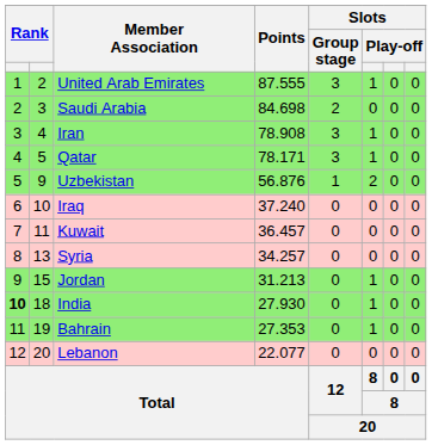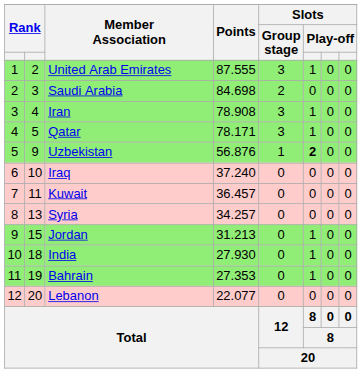 <table class="wikitable" style="text-align:center">
 <tr>
 </tr>
 <tr>
 <th colspan=2 rowspan=2><a href='#'>Rank</a></th>
 <th rowspan=3 width=200>Member<br>Association</th>
 <th rowspan=3>Points</th>
 <th colspan=4>Slots</th>
 </tr>
 <tr>
 <th rowspan=2>Group<br>stage</th>
 <th colspan=3>Play-off</th>
 </tr>
 <tr>
 <th></th>
 <th></th>
 <th></th>
 <th></th>
 <th></th>
 </tr>
 <tr bgcolor=#90ee77>
 <td>1</td>
 <td>2</td>
 <td align=left> <a href='#'>United Arab Emirates</a></td>
 <td>87.555</td>
 <td>3</td>
 <td>1</td>
 <td>0</td>
 <td>0</td>
 </tr>
 <tr bgcolor=#90ee77>
 <td>2</td>
 <td>3</td>
 <td align=left> <a href='#'>Saudi Arabia</a></td>
 <td>84.698</td>
 <td>2</td>
 <td>0</td>
 <td>0</td>
 <td>0</td>
 </tr>
 <tr bgcolor=#90ee77>
 <td>3</td>
 <td>4</td>
 <td align=left> <a href='#'>Iran</a></td>
 <td>78.908</td>
 <td>3</td>
 <td>1</td>
 <td>0</td>
 <td>0</td>
 </tr>
 <tr bgcolor=#90ee77>
 <td>4</td>
 <td>5</td>
 <td align=left> <a href='#'>Qatar</a></td>
 <td>78.171</td>
 <td>3</td>
 <td>1</td>
 <td>0</td>
 <td>0</td>
 </tr>
 <tr bgcolor=#90ee77>
 <td>5</td>
 <td>9</td>
 <td align=left> <a href='#'>Uzbekistan</a></td>
 <td>56.876</td>
 <td>1</td>
-<td>2</td>
+<td><strong>2</strong></td>
 <td>0</td>
 <td>0</td>
 </tr>
 <tr bgcolor=#ffcccc>
 <td>6</td>
 <td>10</td>
 <td align=left> <a href='#'>Iraq</a></td>
 <td>37.240</td>
 <td>0</td>
 <td>0</td>
 <td>0</td>
 <td>0</td>
 </tr>
 <tr bgcolor=#ffcccc>
 <td>7</td>
 <td>11</td>
 <td align=left> <a href='#'>Kuwait</a></td>
 <td>36.457</td>
 <td>0</td>
 <td>0</td>
 <td>0</td>
 <td>0</td>
 </tr>
 <tr bgcolor=#ffcccc>
 <td>8</td>
 <td>13</td>
 <td align=left> <a href='#'>Syria</a></td>
 <td>34.257</td>
 <td>0</td>
 <td>0</td>
 <td>0</td>
 <td>0</td>
 </tr>
 <tr bgcolor=#90ee77>
 <td>9</td>
 <td>15</td>
 <td align=left> <a href='#'>Jordan</a></td>
 <td>31.213</td>
 <td>0</td>
 <td>1</td>
 <td>0</td>
 <td>0</td>
 </tr>
 <tr bgcolor=#90ee77>
-<td><strong>10</strong></td>
+<td>10</td>
 <td>18</td>
 <td align=left> <a href='#'>India</a></td>
 <td>27.930</td>
 <td>0</td>
 <td>1</td>
 <td>0</td>
 <td>0</td>
 </tr>
 <tr bgcolor=#90ee77>
 <td>11</td>
 <td>19</td>
 <td align=left> <a href='#'>Bahrain</a></td>
 <td>27.353</td>
 <td>0</td>
 <td>1</td>
 <td>0</td>
 <td>0</td>
 </tr>
 <tr bgcolor=#ffcccc>
 <td>12</td>
 <td>20</td>
 <td align=left> <a href='#'>Lebanon</a></td>
 <td>22.077</td>
 <td>0</td>
 <td>0</td>
 <td>0</td>
 <td>0</td>
 </tr>
 <tr>
 <th colspan=4 rowspan=3>Total</th>
 <th rowspan=2>12</th>
 <th>8</th>
 <th>0</th>
 <th>0</th>
 </tr>
 <tr>
 <th colspan=3>8</th>
 </tr>
 <tr>
 <th colspan=4>20</th>
 </tr>
 </table>
